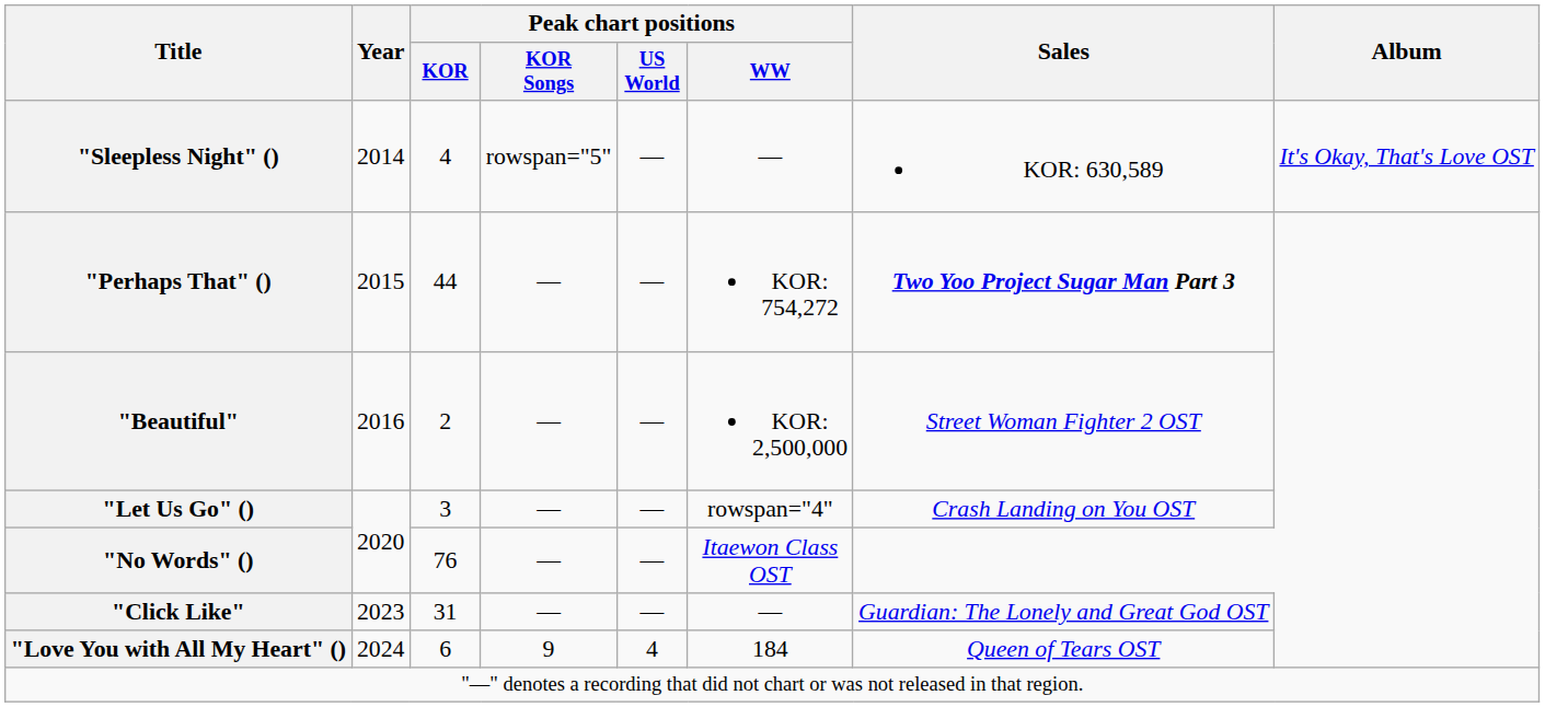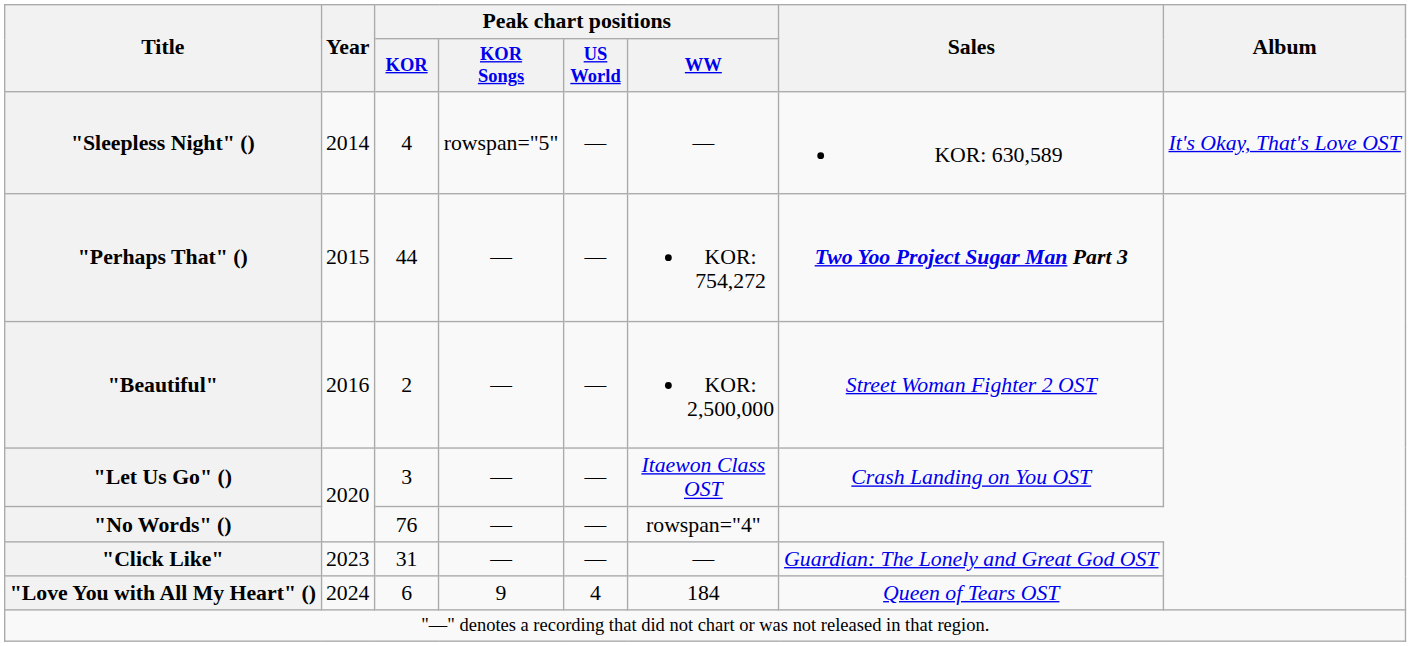 <table class="wikitable plainrowheaders" style="text-align:center">
 <tr>
 <th scope="col" rowspan="2">Title</th>
 <th scope="col" rowspan="2">Year</th>
 <th scope="col" colspan="4">Peak chart positions</th>
 <th scope="col" rowspan="2">Sales</th>
 <th scope="col" rowspan="2">Album</th>
 </tr>
 <tr>
 <th scope="col" style="font-size:85%; width:3em"><a href='#'>KOR</a><br></th>
 <th scope="col" style="font-size:85%; width:3em"><a href='#'>KOR<br>Songs</a><br></th>
 <th scope="col" style="font-size:85%; width:3em"><a href='#'>US<br>World</a><br></th>
 <th scope="col" style="font-size:85%; width:3em"><a href='#'>WW</a><br></th>
 </tr>
 <tr>
 <th scope="row">"Sleepless Night" () </th>
 <td>2014</td>
 <td>4</td>
 <td>rowspan="5" </td>
 <td>—</td>
 <td>—</td>
 <td><br><ul><li>KOR: 630,589</li></ul></td>
 <td><em><a href='#'>It's Okay, That's Love OST</a></em></td>
 </tr>
 <tr>
 <th scope="row">"Perhaps That" () </th>
 <td>2015</td>
 <td>44</td>
 <td>—</td>
 <td>—</td>
 <td><br><ul><li>KOR: 754,272</li></ul></td>
 <td><strong><em><a href='#'>Two Yoo Project Sugar Man</a> Part 3</em></strong></td>
 </tr>
 <tr>
 <th scope="row">"Beautiful"</th>
 <td>2016</td>
 <td>2</td>
 <td>—</td>
 <td>—</td>
 <td><br><ul><li>KOR: 2,500,000</li></ul></td>
 <td><em><a href='#'>Street Woman Fighter 2 OST</a></em></td>
 </tr>
 <tr>
 <th scope="row">"Let Us Go" ()</th>
 <td rowspan="2">2020</td>
 <td>3</td>
 <td>—</td>
 <td>—</td>
-<td>rowspan="4" </td>
+<td><em><a href='#'>Itaewon Class OST</a></em></td>
 <td><em><a href='#'>Crash Landing on You OST</a></em></td>
 </tr>
 <tr>
 <th scope="row">"No Words" ()</th>
 <td>76</td>
 <td>—</td>
 <td>—</td>
-<td><em><a href='#'>Itaewon Class OST</a></em></td>
+<td>rowspan="4" </td>
 </tr>
 <tr>
 <th scope="row">"Click Like" </th>
 <td>2023</td>
 <td>31</td>
 <td>—</td>
 <td>—</td>
 <td>—</td>
 <td><em><a href='#'>Guardian: The Lonely and Great God OST</a></em></td>
 </tr>
 <tr>
 <th scope="row">"Love You with All My Heart" ()</th>
 <td>2024</td>
 <td>6</td>
 <td>9</td>
 <td>4</td>
 <td>184</td>
 <td><em><a href='#'>Queen of Tears OST</a></em></td>
 </tr>
 <tr>
 <td colspan="8" style="font-size:85%">"—" denotes a recording that did not chart or was not released in that region.</td>
 </tr>
 </table>
